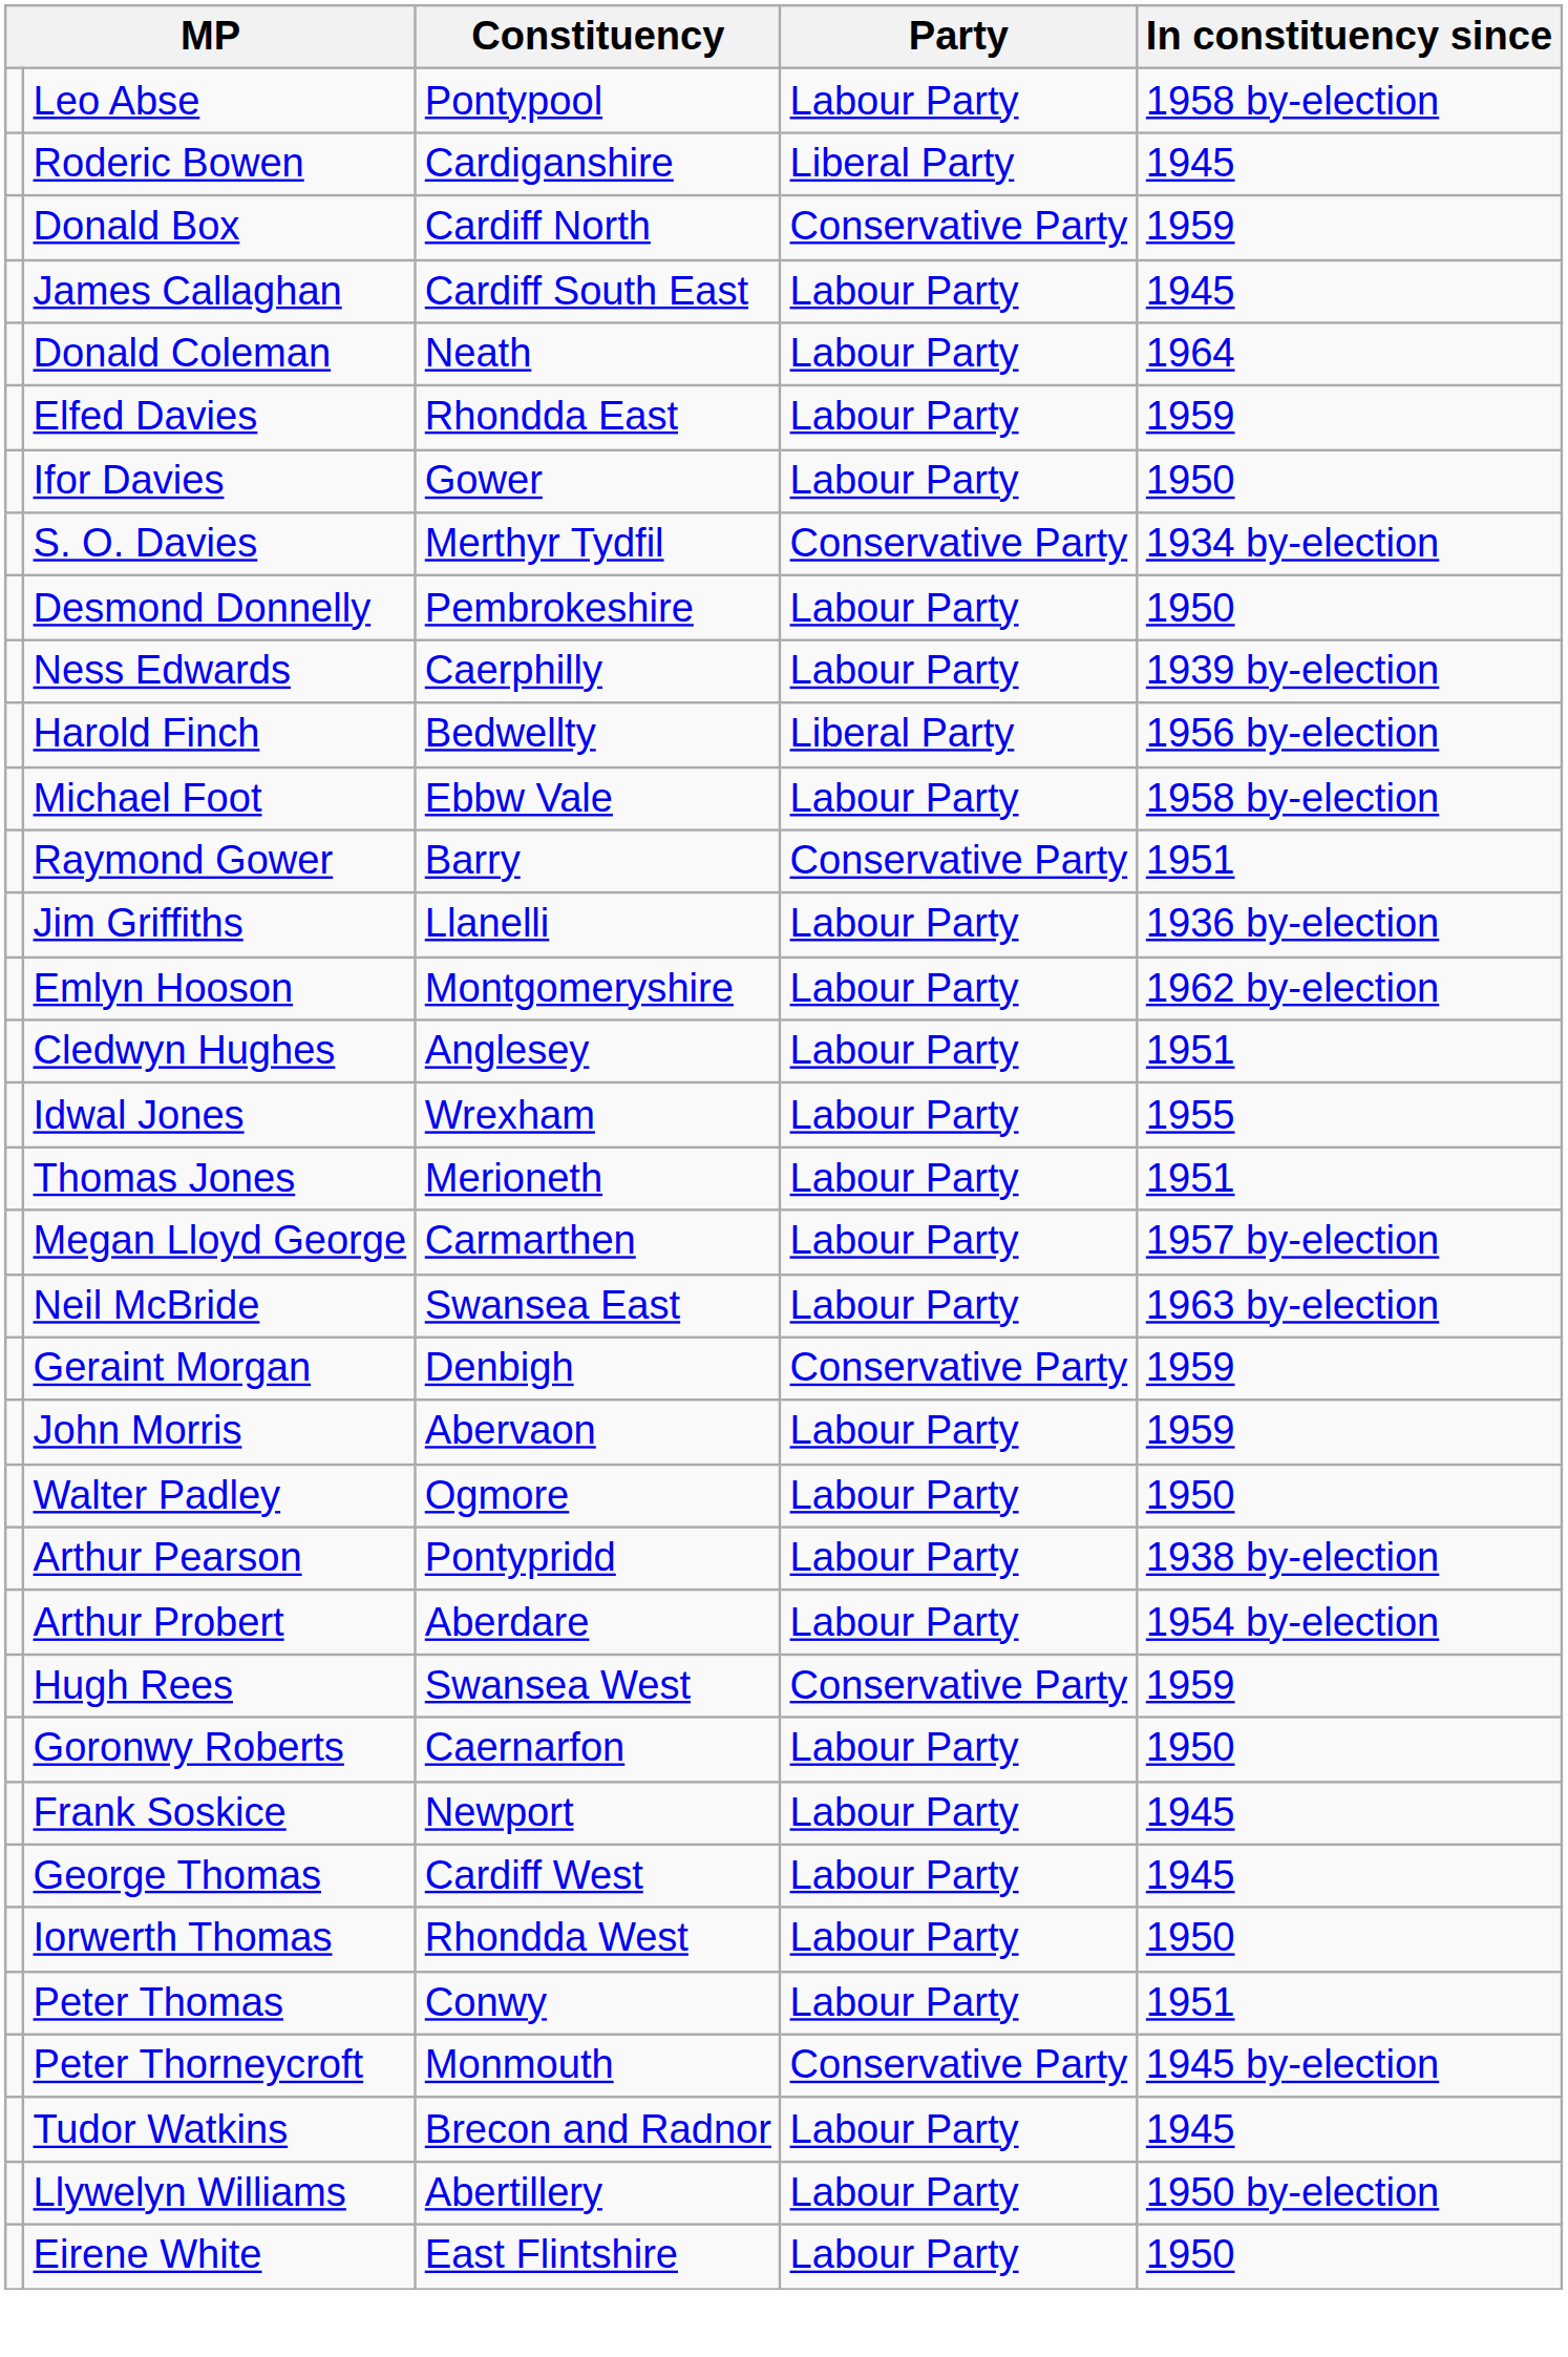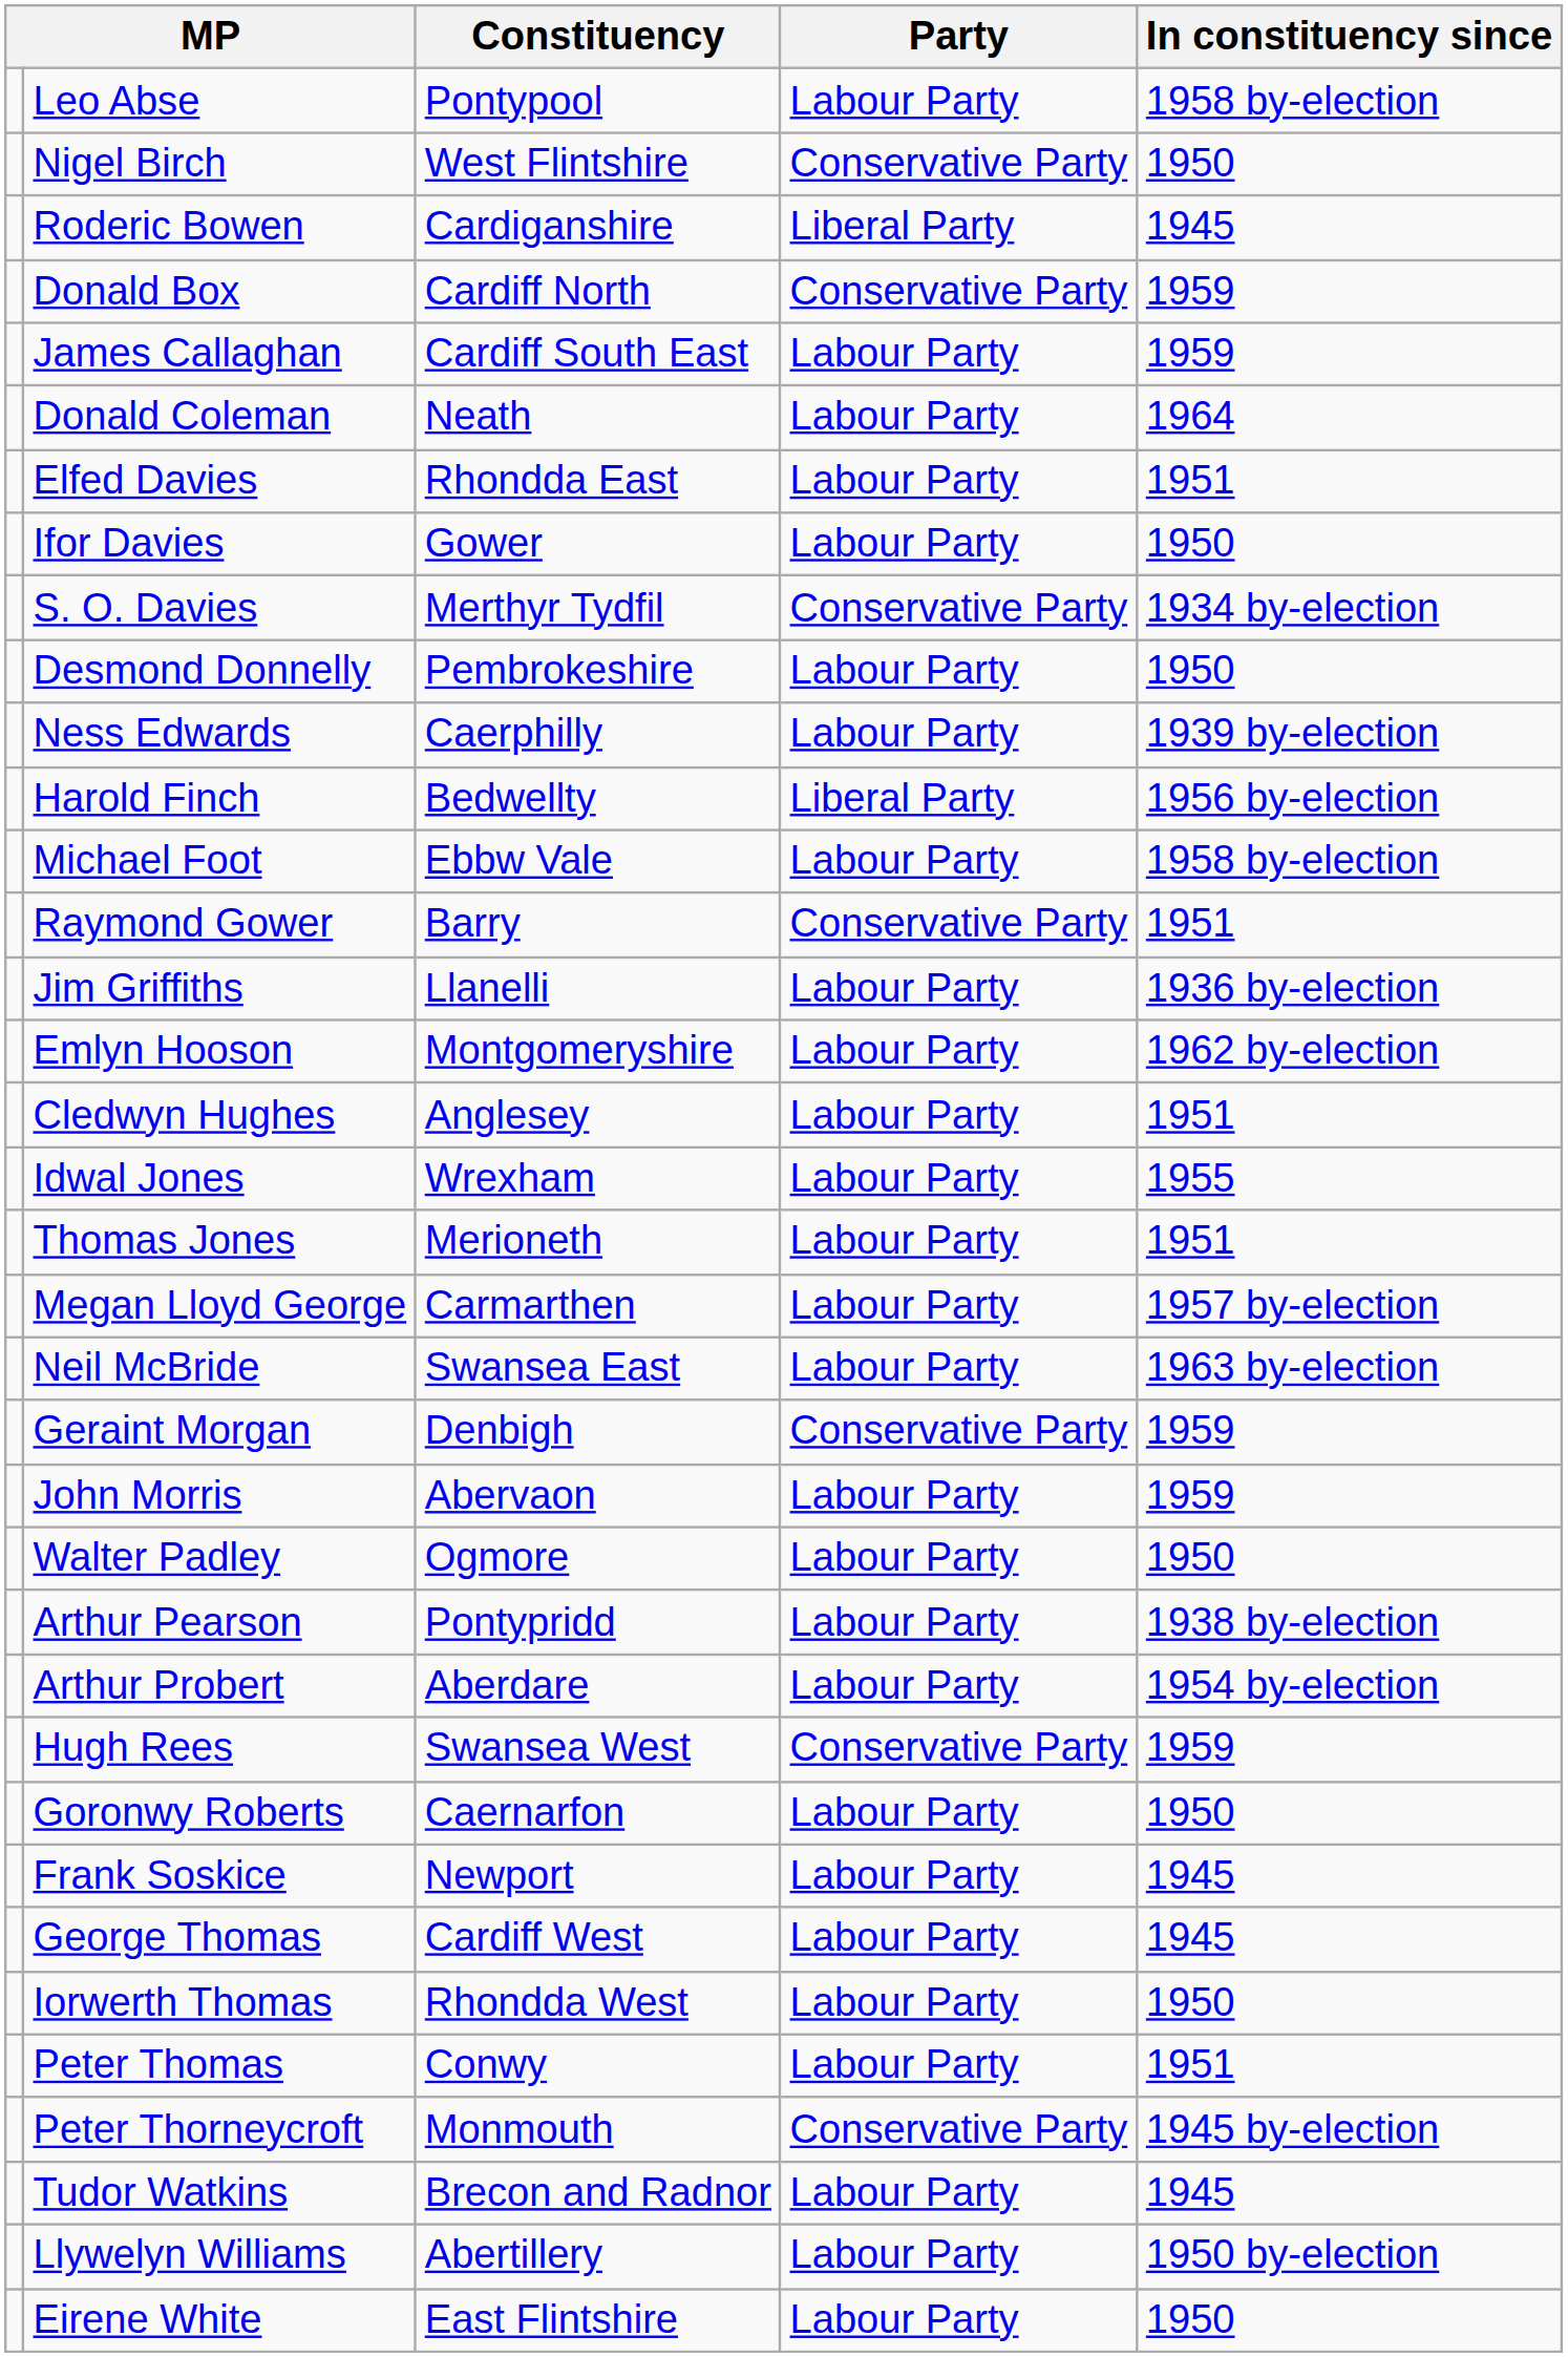 <table class="wikitable sortable">
 <tr>
 <th colspan="2">MP</th>
 <th>Constituency</th>
 <th>Party</th>
 <th>In constituency since</th>
 </tr>
 <tr>
 <td style="color:inherit;background-color: "></td>
 <td><a href='#'>Leo Abse</a></td>
 <td><a href='#'>Pontypool</a></td>
 <td><a href='#'>Labour Party</a></td>
 <td><a href='#'>1958 by-election</a></td>
+</tr>
+<tr>
+<td style="color:inherit;background-color: "></td>
+<td><a href='#'>Nigel Birch</a></td>
+<td><a href='#'>West Flintshire</a></td>
+<td><a href='#'>Conservative Party</a></td>
+<td><a href='#'>1950</a></td>
 </tr>
 <tr>
 <td style="color:inherit;background-color: "></td>
 <td><a href='#'>Roderic Bowen</a></td>
 <td><a href='#'>Cardiganshire</a></td>
 <td><a href='#'>Liberal Party</a></td>
 <td><a href='#'>1945</a></td>
 </tr>
 <tr>
 <td style="color:inherit;background-color: "></td>
 <td><a href='#'>Donald Box</a></td>
 <td><a href='#'>Cardiff North</a></td>
 <td><a href='#'>Conservative Party</a></td>
 <td><a href='#'>1959</a></td>
 </tr>
 <tr>
 <td style="color:inherit;background-color: "></td>
 <td><a href='#'>James Callaghan</a></td>
 <td><a href='#'>Cardiff South East</a></td>
 <td><a href='#'>Labour Party</a></td>
-<td><a href='#'>1945</a></td>
+<td><a href='#'>1959</a></td>
 </tr>
 <tr>
 <td style="color:inherit;background-color: "></td>
 <td><a href='#'>Donald Coleman</a></td>
 <td><a href='#'>Neath</a></td>
 <td><a href='#'>Labour Party</a></td>
 <td><a href='#'>1964</a></td>
 </tr>
 <tr>
 <td style="color:inherit;background-color: "></td>
 <td><a href='#'>Elfed Davies</a></td>
 <td><a href='#'>Rhondda East</a></td>
 <td><a href='#'>Labour Party</a></td>
-<td><a href='#'>1959</a></td>
+<td><a href='#'>1951</a></td>
 </tr>
 <tr>
 <td style="color:inherit;background-color: "></td>
 <td><a href='#'>Ifor Davies</a></td>
 <td><a href='#'>Gower</a></td>
 <td><a href='#'>Labour Party</a></td>
 <td><a href='#'>1950</a></td>
 </tr>
 <tr>
 <td style="color:inherit;background-color: "></td>
 <td><a href='#'>S. O. Davies</a></td>
 <td><a href='#'>Merthyr Tydfil</a></td>
 <td><a href='#'>Conservative Party</a></td>
 <td><a href='#'>1934 by-election</a></td>
 </tr>
 <tr>
 <td style="color:inherit;background-color: "></td>
 <td><a href='#'>Desmond Donnelly</a></td>
 <td><a href='#'>Pembrokeshire</a></td>
 <td><a href='#'>Labour Party</a></td>
 <td><a href='#'>1950</a></td>
 </tr>
 <tr>
 <td style="color:inherit;background-color: "></td>
 <td><a href='#'>Ness Edwards</a></td>
 <td><a href='#'>Caerphilly</a></td>
 <td><a href='#'>Labour Party</a></td>
 <td><a href='#'>1939 by-election</a></td>
 </tr>
 <tr>
 <td style="color:inherit;background-color: "></td>
 <td><a href='#'>Harold Finch</a></td>
 <td><a href='#'>Bedwellty</a></td>
 <td><a href='#'>Liberal Party</a></td>
 <td><a href='#'>1956 by-election</a></td>
 </tr>
 <tr>
 <td style="color:inherit;background-color: "></td>
 <td><a href='#'>Michael Foot</a></td>
 <td><a href='#'>Ebbw Vale</a></td>
 <td><a href='#'>Labour Party</a></td>
 <td><a href='#'>1958 by-election</a></td>
 </tr>
 <tr>
 <td style="color:inherit;background-color: "></td>
 <td><a href='#'>Raymond Gower</a></td>
 <td><a href='#'>Barry</a></td>
 <td><a href='#'>Conservative Party</a></td>
 <td><a href='#'>1951</a></td>
 </tr>
 <tr>
 <td style="color:inherit;background-color: "></td>
 <td><a href='#'>Jim Griffiths</a></td>
 <td><a href='#'>Llanelli</a></td>
 <td><a href='#'>Labour Party</a></td>
 <td><a href='#'>1936 by-election</a></td>
 </tr>
 <tr>
 <td style="color:inherit;background-color: "></td>
 <td><a href='#'>Emlyn Hooson</a></td>
 <td><a href='#'>Montgomeryshire</a></td>
 <td><a href='#'>Labour Party</a></td>
 <td><a href='#'>1962 by-election</a></td>
 </tr>
 <tr>
 <td style="color:inherit;background-color: "></td>
 <td><a href='#'>Cledwyn Hughes</a></td>
 <td><a href='#'>Anglesey</a></td>
 <td><a href='#'>Labour Party</a></td>
 <td><a href='#'>1951</a></td>
 </tr>
 <tr>
 <td style="color:inherit;background-color: "></td>
 <td><a href='#'>Idwal Jones</a></td>
 <td><a href='#'>Wrexham</a></td>
 <td><a href='#'>Labour Party</a></td>
 <td><a href='#'>1955</a></td>
 </tr>
 <tr>
 <td style="color:inherit;background-color: "></td>
 <td><a href='#'>Thomas Jones</a></td>
 <td><a href='#'>Merioneth</a></td>
 <td><a href='#'>Labour Party</a></td>
 <td><a href='#'>1951</a></td>
 </tr>
 <tr>
 <td style="color:inherit;background-color: "></td>
 <td><a href='#'>Megan Lloyd George</a></td>
 <td><a href='#'>Carmarthen</a></td>
 <td><a href='#'>Labour Party</a></td>
 <td><a href='#'>1957 by-election</a></td>
 </tr>
 <tr>
 <td style="color:inherit;background-color: "></td>
 <td><a href='#'>Neil McBride</a></td>
 <td><a href='#'>Swansea East</a></td>
 <td><a href='#'>Labour Party</a></td>
 <td><a href='#'>1963 by-election</a></td>
 </tr>
 <tr>
 <td style="color:inherit;background-color: "></td>
 <td><a href='#'>Geraint Morgan</a></td>
 <td><a href='#'>Denbigh</a></td>
 <td><a href='#'>Conservative Party</a></td>
 <td><a href='#'>1959</a></td>
 </tr>
 <tr>
 <td style="color:inherit;background-color: "></td>
 <td><a href='#'>John Morris</a></td>
 <td><a href='#'>Abervaon</a></td>
 <td><a href='#'>Labour Party</a></td>
 <td><a href='#'>1959</a></td>
 </tr>
 <tr>
 <td style="color:inherit;background-color: "></td>
 <td><a href='#'>Walter Padley</a></td>
 <td><a href='#'>Ogmore</a></td>
 <td><a href='#'>Labour Party</a></td>
 <td><a href='#'>1950</a></td>
 </tr>
 <tr>
 <td style="color:inherit;background-color: "></td>
 <td><a href='#'>Arthur Pearson</a></td>
 <td><a href='#'>Pontypridd</a></td>
 <td><a href='#'>Labour Party</a></td>
 <td><a href='#'>1938 by-election</a></td>
 </tr>
 <tr>
 <td style="color:inherit;background-color: "></td>
 <td><a href='#'>Arthur Probert</a></td>
 <td><a href='#'>Aberdare</a></td>
 <td><a href='#'>Labour Party</a></td>
 <td><a href='#'>1954 by-election</a></td>
 </tr>
 <tr>
 <td style="color:inherit;background-color: "></td>
 <td><a href='#'>Hugh Rees</a></td>
 <td><a href='#'>Swansea West</a></td>
 <td><a href='#'>Conservative Party</a></td>
 <td><a href='#'>1959</a></td>
 </tr>
 <tr>
 <td style="color:inherit;background-color: "></td>
 <td><a href='#'>Goronwy Roberts</a></td>
 <td><a href='#'>Caernarfon</a></td>
 <td><a href='#'>Labour Party</a></td>
 <td><a href='#'>1950</a></td>
 </tr>
 <tr>
 <td style="color:inherit;background-color: "></td>
 <td><a href='#'>Frank Soskice</a></td>
 <td><a href='#'>Newport</a></td>
 <td><a href='#'>Labour Party</a></td>
 <td><a href='#'>1945</a></td>
 </tr>
 <tr>
 <td style="color:inherit;background-color: "></td>
 <td><a href='#'>George Thomas</a></td>
 <td><a href='#'>Cardiff West</a></td>
 <td><a href='#'>Labour Party</a></td>
 <td><a href='#'>1945</a></td>
 </tr>
 <tr>
 <td style="color:inherit;background-color: "></td>
 <td><a href='#'>Iorwerth Thomas</a></td>
 <td><a href='#'>Rhondda West</a></td>
 <td><a href='#'>Labour Party</a></td>
 <td><a href='#'>1950</a></td>
 </tr>
 <tr>
 <td style="color:inherit;background-color: "></td>
 <td><a href='#'>Peter Thomas</a></td>
 <td><a href='#'>Conwy</a></td>
 <td><a href='#'>Labour Party</a></td>
 <td><a href='#'>1951</a></td>
 </tr>
 <tr>
 <td style="color:inherit;background-color: "></td>
 <td><a href='#'>Peter Thorneycroft</a></td>
 <td><a href='#'>Monmouth</a></td>
 <td><a href='#'>Conservative Party</a></td>
 <td><a href='#'>1945 by-election</a></td>
 </tr>
 <tr>
 <td style="color:inherit;background-color: "></td>
 <td><a href='#'>Tudor Watkins</a></td>
 <td><a href='#'>Brecon and Radnor</a></td>
 <td><a href='#'>Labour Party</a></td>
 <td><a href='#'>1945</a></td>
 </tr>
 <tr>
 <td style="color:inherit;background-color: "></td>
 <td><a href='#'>Llywelyn Williams</a></td>
 <td><a href='#'>Abertillery</a></td>
 <td><a href='#'>Labour Party</a></td>
 <td><a href='#'>1950 by-election</a></td>
 </tr>
 <tr>
 <td style="color:inherit;background-color: "></td>
 <td><a href='#'>Eirene White</a></td>
 <td><a href='#'>East Flintshire</a></td>
 <td><a href='#'>Labour Party</a></td>
 <td><a href='#'>1950</a></td>
 </tr>
 </table>
